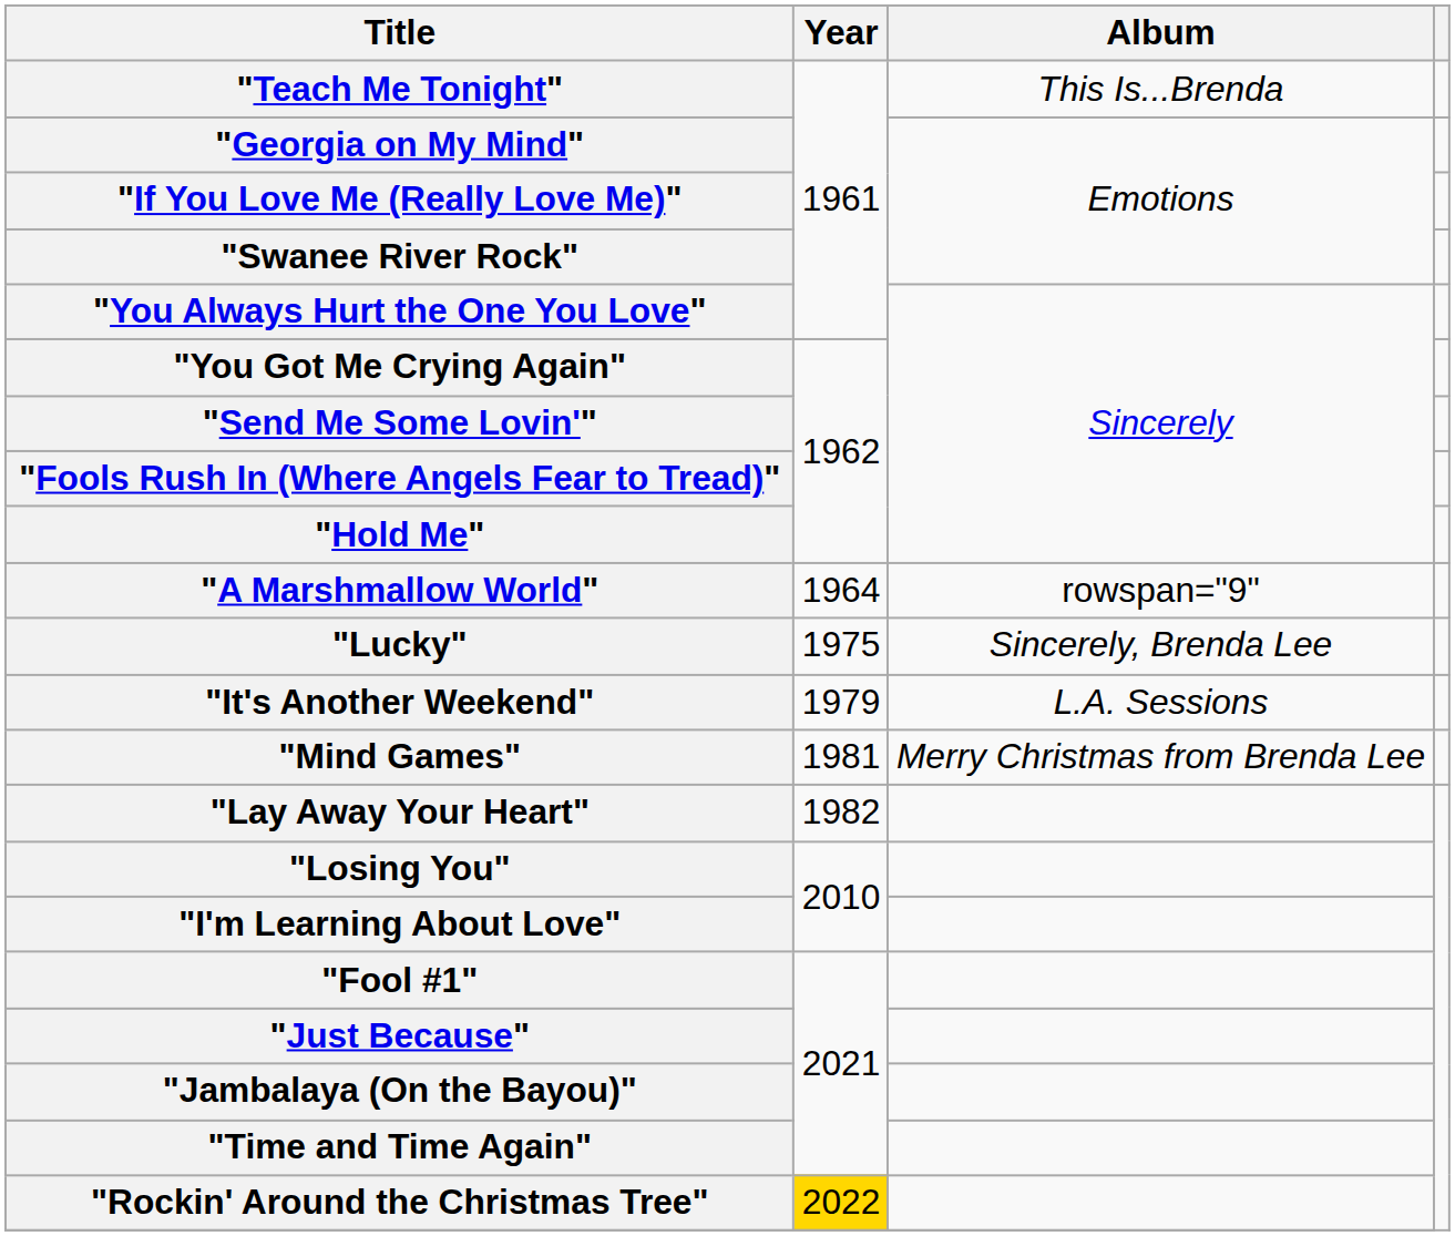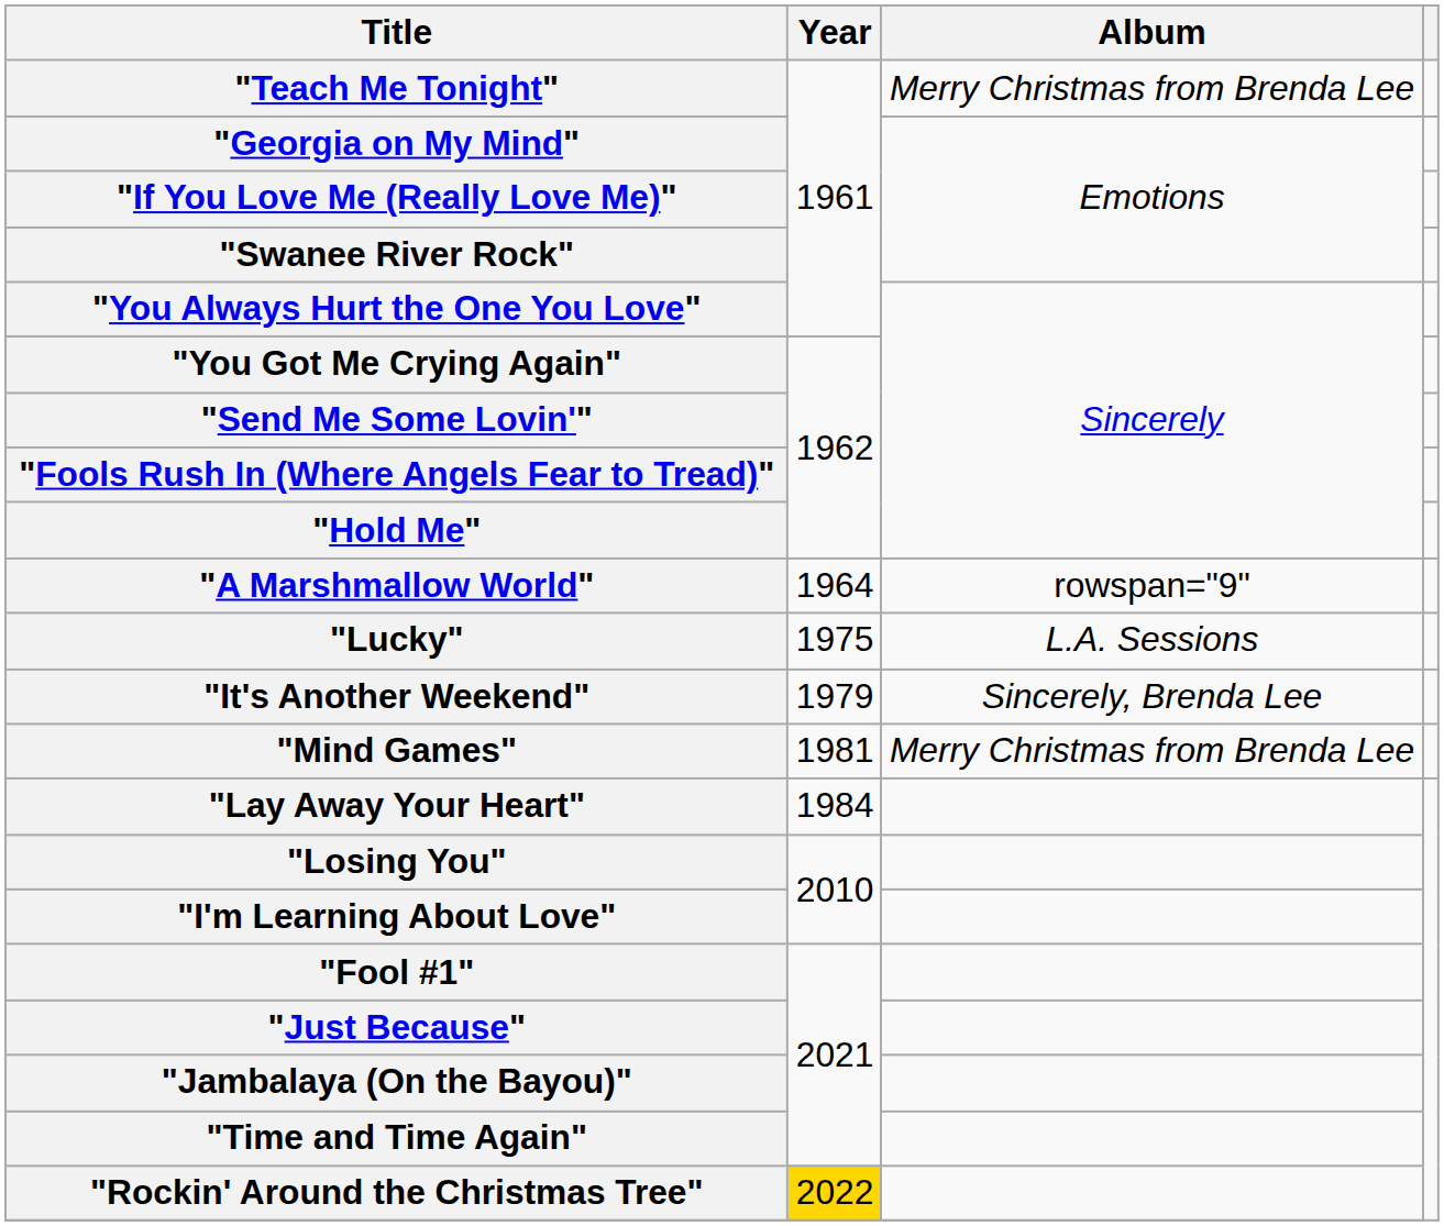 <table class="wikitable plainrowheaders" style="text-align:center;">
 <tr>
 <th style="width:22em;">Title</th>
 <th>Year</th>
 <th>Album</th>
 <th></th>
 </tr>
 <tr>
 <th scope="row">"<a href='#'>Teach Me Tonight</a>"</th>
 <td rowspan="5">1961</td>
-<td><em>This Is...Brenda</em></td>
+<td><em>Merry Christmas from Brenda Lee</em></td>
 <td></td>
 </tr>
 <tr>
 <th scope="row">"<a href='#'>Georgia on My Mind</a>"</th>
 <td rowspan="3"><em>Emotions</em></td>
 <td></td>
 </tr>
 <tr>
 <th scope="row">"<a href='#'>If You Love Me (Really Love Me)</a>"</th>
 <td></td>
 </tr>
 <tr>
 <th scope="row">"Swanee River Rock"</th>
 <td></td>
 </tr>
 <tr>
 <th scope="row">"<a href='#'>You Always Hurt the One You Love</a>"</th>
 <td rowspan="5"><em><a href='#'>Sincerely</a></em></td>
 <td></td>
 </tr>
 <tr>
 <th scope="row">"You Got Me Crying Again"</th>
 <td rowspan="4">1962</td>
 <td></td>
 </tr>
 <tr>
 <th scope="row">"<a href='#'>Send Me Some Lovin'</a>"</th>
 <td></td>
 </tr>
 <tr>
 <th scope="row">"<a href='#'>Fools Rush In (Where Angels Fear to Tread)</a>"</th>
 <td></td>
 </tr>
 <tr>
 <th scope="row">"<a href='#'>Hold Me</a>"</th>
 <td></td>
 </tr>
 <tr>
 <th scope="row">"<a href='#'>A Marshmallow World</a>"</th>
 <td>1964</td>
 <td>rowspan="9" </td>
 <td></td>
 </tr>
 <tr>
 <th scope="row">"Lucky"</th>
 <td>1975</td>
-<td><em>Sincerely, Brenda Lee</em></td>
+<td><em>L.A. Sessions</em></td>
 <td></td>
 </tr>
 <tr>
 <th scope="row">"It's Another Weekend"</th>
 <td>1979</td>
-<td><em>L.A. Sessions</em></td>
+<td><em>Sincerely, Brenda Lee</em></td>
 <td></td>
 </tr>
 <tr>
 <th scope="row">"Mind Games"</th>
 <td>1981</td>
 <td><em>Merry Christmas from Brenda Lee</em></td>
 <td></td>
 </tr>
 <tr>
 <th scope="row">"Lay Away Your Heart"</th>
-<td>1982</td>
+<td>1984</td>
 <td></td>
 </tr>
 <tr>
 <th scope="row">"Losing You" </th>
 <td rowspan="2">2010</td>
 <td></td>
 </tr>
 <tr>
 <th scope="row">"I'm Learning About Love" </th>
 <td></td>
 </tr>
 <tr>
 <th scope="row">"Fool #1" </th>
 <td rowspan="4">2021</td>
 <td></td>
 </tr>
 <tr>
 <th scope="row">"<a href='#'>Just Because</a>" </th>
 <td></td>
 </tr>
 <tr>
 <th scope="row">"Jambalaya (On the Bayou)" </th>
 <td></td>
 </tr>
 <tr>
 <th scope="row">"Time and Time Again" </th>
 <td></td>
 </tr>
 <tr>
 <th scope="row">"Rockin' Around the Christmas Tree" </th>
 <td style="background: gold;">2022</td>
 <td></td>
 </tr>
 <tr>
 </tr>
 </table>
